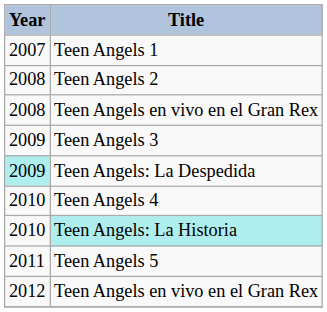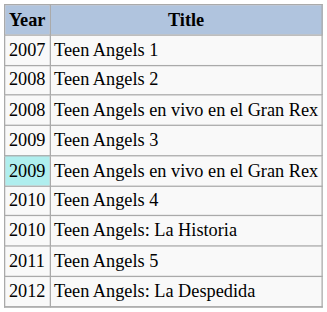 <table class="wikitable" style="font-size:90%;">
 <tr>
 <th style="background:#B0C4DE;">Year</th>
 <th style="background:#B0C4DE;">Title</th>
 </tr>
 <tr>
 <td>2007</td>
 <td>Teen Angels 1</td>
 </tr>
 <tr>
 <td>2008</td>
 <td>Teen Angels 2</td>
 </tr>
 <tr>
 <td>2008</td>
 <td>Teen Angels en vivo en el Gran Rex</td>
 </tr>
 <tr>
 <td>2009</td>
 <td>Teen Angels 3</td>
 </tr>
 <tr>
 <td style="background: paleturquoise;">2009</td>
-<td>Teen Angels: La Despedida</td>
+<td>Teen Angels en vivo en el Gran Rex</td>
 </tr>
 <tr>
 <td>2010</td>
 <td>Teen Angels 4</td>
 </tr>
 <tr>
 <td>2010</td>
-<td style="background: paleturquoise;">Teen Angels: La Historia</td>
+<td>Teen Angels: La Historia</td>
 </tr>
 <tr>
 <td>2011</td>
 <td>Teen Angels 5</td>
 </tr>
 <tr>
 <td>2012</td>
-<td>Teen Angels en vivo en el Gran Rex</td>
+<td>Teen Angels: La Despedida</td>
 </tr>
 <tr>
 </tr>
 </table>
